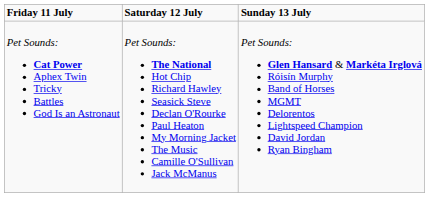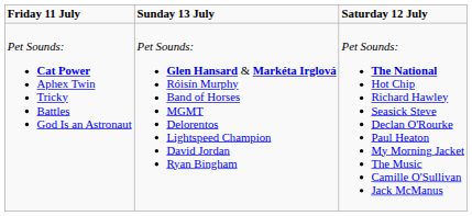 <table class="wikitable">
 <tr>
 <td><strong>Friday 11 July</strong></td>
+<td><strong>Sunday 13 July</strong></td>
 <td><strong>Saturday 12 July</strong></td>
-<td><strong>Sunday 13 July</strong></td>
 </tr>
 <tr valign="top">
 <td><br><em>Pet Sounds:</em><ul><li><strong><a href='#'>Cat Power</a></strong></li><li><a href='#'>Aphex Twin</a></li><li><a href='#'>Tricky</a></li><li><a href='#'>Battles</a></li><li><a href='#'>God Is an Astronaut</a></li></ul></td>
+<td><br><em>Pet Sounds:</em><ul><li><strong><a href='#'>Glen Hansard</a></strong> & <strong><a href='#'>Markéta Irglová</a></strong></li><li><a href='#'>Róisín Murphy</a></li><li><a href='#'>Band of Horses</a></li><li><a href='#'>MGMT</a></li><li><a href='#'>Delorentos</a></li><li><a href='#'>Lightspeed Champion</a></li><li><a href='#'>David Jordan</a></li><li><a href='#'>Ryan Bingham</a></li></ul></td>
 <td><br><em>Pet Sounds:</em><ul><li><strong><a href='#'>The National</a></strong></li><li><a href='#'>Hot Chip</a></li><li><a href='#'>Richard Hawley</a></li><li><a href='#'>Seasick Steve</a></li><li><a href='#'>Declan O'Rourke</a></li><li><a href='#'>Paul Heaton</a></li><li><a href='#'>My Morning Jacket</a></li><li><a href='#'>The Music</a></li><li><a href='#'>Camille O'Sullivan</a></li><li><a href='#'>Jack McManus</a></li></ul></td>
-<td><br><em>Pet Sounds:</em><ul><li><strong><a href='#'>Glen Hansard</a></strong> & <strong><a href='#'>Markéta Irglová</a></strong></li><li><a href='#'>Róisín Murphy</a></li><li><a href='#'>Band of Horses</a></li><li><a href='#'>MGMT</a></li><li><a href='#'>Delorentos</a></li><li><a href='#'>Lightspeed Champion</a></li><li><a href='#'>David Jordan</a></li><li><a href='#'>Ryan Bingham</a></li></ul></td>
 </tr>
 </table>
